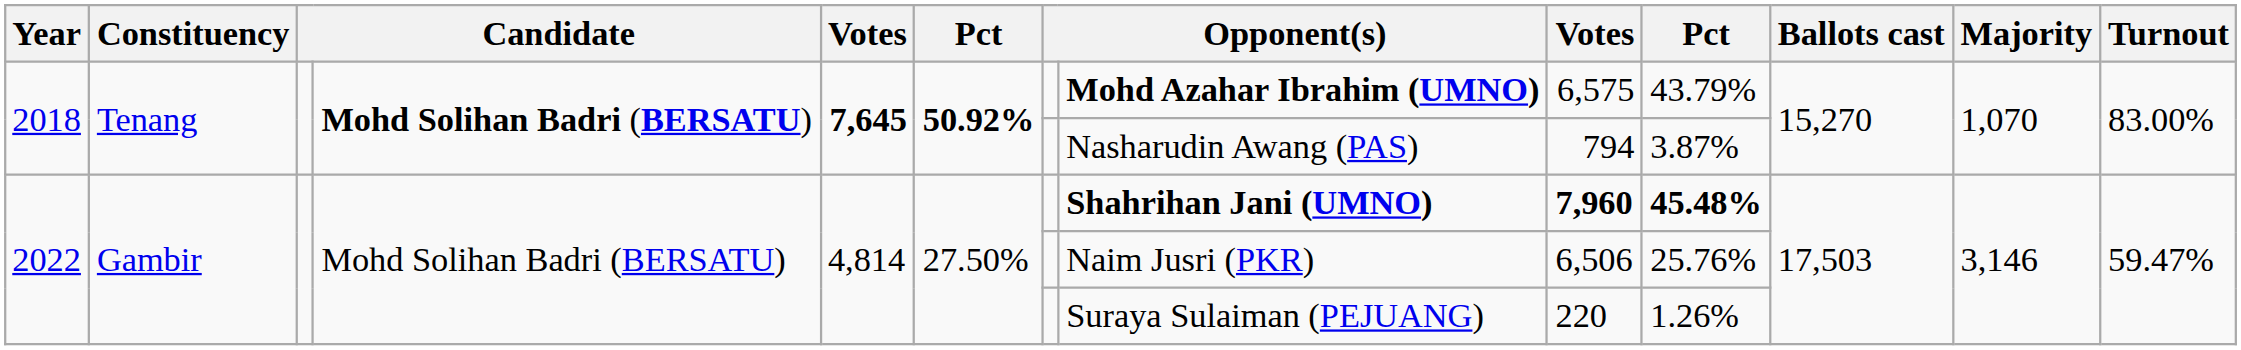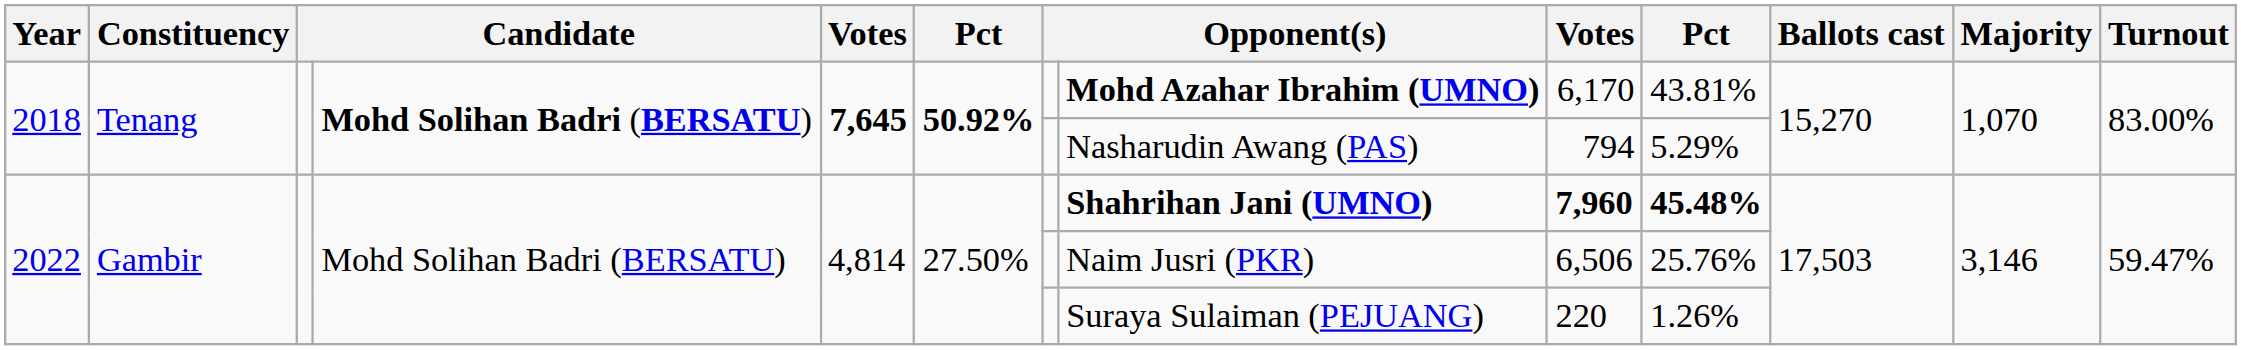 <table class="wikitable" style="margin:0.5em ; font-size:95%">
 <tr>
 <th>Year</th>
 <th>Constituency</th>
 <th colspan=2>Candidate</th>
 <th>Votes</th>
 <th>Pct</th>
 <th colspan=2>Opponent(s)</th>
 <th>Votes</th>
 <th>Pct</th>
 <th>Ballots cast</th>
 <th>Majority</th>
 <th>Turnout</th>
 </tr>
 <tr>
 <td rowspan=2><a href='#'>2018</a></td>
 <td rowspan=2><a href='#'>Tenang</a></td>
 <td rowspan=2 ></td>
 <td rowspan=2><strong>Mohd Solihan Badri</strong> (<a href='#'><strong>BERSATU</strong></a>)</td>
 <td rowspan=2 align="right"><strong>7,645</strong></td>
 <td rowspan=2><strong>50.92%</strong></td>
 <td></td>
 <td><strong>Mohd Azahar Ibrahim (<a href='#'>UMNO</a>)</strong></td>
-<td align="right">6,575</td>
-<td>43.79%</td>
+<td align="right">6,170</td>
+<td>43.81%</td>
 <td rowspan=2>15,270</td>
 <td rowspan=2>1,070</td>
 <td rowspan=2>83.00%</td>
 </tr>
 <tr>
 <td></td>
 <td>Nasharudin Awang (<a href='#'>PAS</a>)</td>
 <td align="right">794</td>
-<td>3.87%</td>
+<td>5.29%</td>
 </tr>
 <tr>
 <td rowspan="3"><a href='#'>2022</a></td>
 <td rowspan="3"><a href='#'>Gambir</a></td>
 <td rowspan="3" bgcolor=></td>
 <td rowspan="3">Mohd Solihan Badri (<a href='#'>BERSATU</a>)</td>
 <td rowspan="3">4,814</td>
 <td rowspan="3">27.50%</td>
 <td></td>
 <td><strong>Shahrihan Jani (<a href='#'>UMNO</a>)</strong></td>
 <td><strong>7,960</strong></td>
 <td><strong>45.48%</strong></td>
 <td rowspan="3">17,503</td>
 <td rowspan="3">3,146</td>
 <td rowspan="3">59.47%</td>
 </tr>
 <tr>
 <td></td>
 <td>Naim Jusri (<a href='#'>PKR</a>)</td>
 <td>6,506</td>
 <td>25.76%</td>
 </tr>
 <tr>
 <td></td>
 <td>Suraya Sulaiman (<a href='#'>PEJUANG</a>)</td>
 <td>220</td>
 <td>1.26%</td>
 </tr>
 </table>
